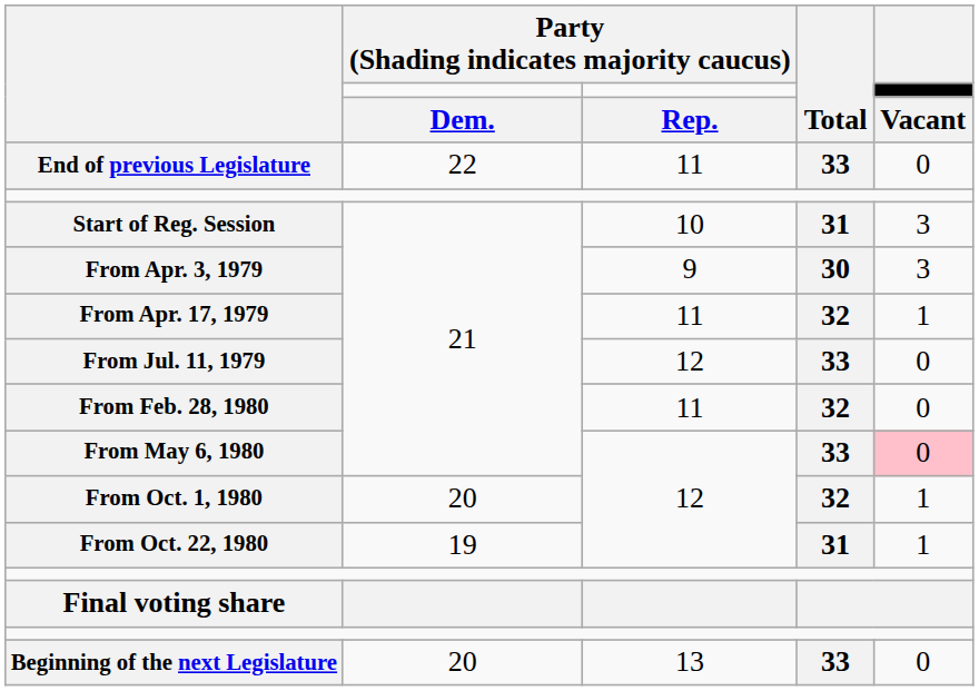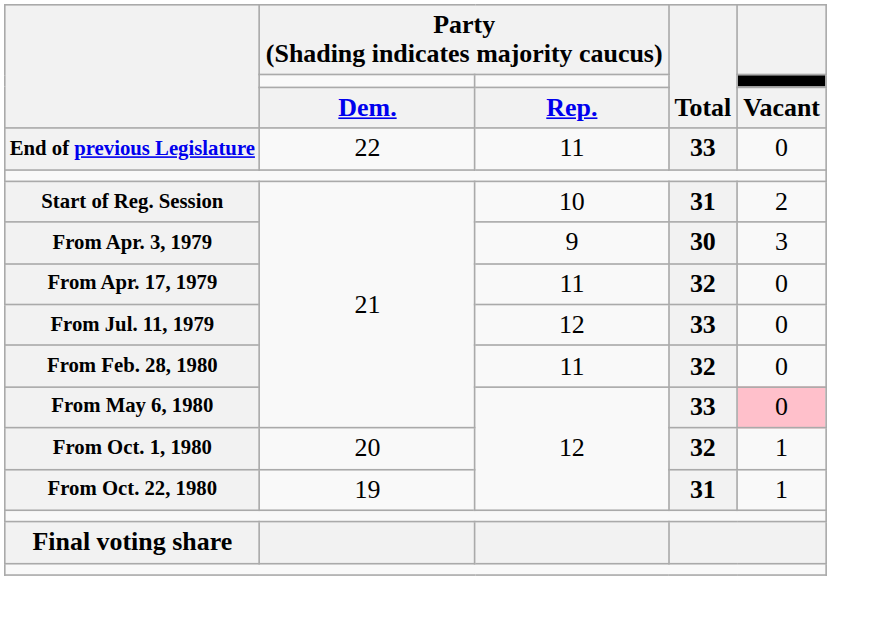 <table class=wikitable style="text-align:center">
 <tr style="vertical-align:bottom;">
 <th rowspan=3></th>
 <th colspan=2>Party <div>(Shading indicates majority caucus)</div></th>
 <th rowspan=3>Total</th>
 <th></th>
 </tr>
 <tr style="height:5px">
 <td style="background-color:"></td>
 <td style="background-color:"></td>
 <td style="background:black;"></td>
 </tr>
 <tr>
 <th><a href='#'>Dem.</a></th>
 <th><a href='#'>Rep.</a></th>
 <th>Vacant</th>
 </tr>
 <tr>
 <th style="font-size:80%;">End of <a href='#'>previous Legislature</a></th>
 <td>22</td>
 <td>11</td>
 <th>33</th>
 <td>0</td>
 </tr>
 <tr>
 <td colspan=5></td>
 </tr>
 <tr>
 <th style="font-size:80%;">Start of Reg. Session</th>
 <td rowspan="6" >21</td>
 <td>10</td>
 <th>31</th>
-<td>3</td>
+<td>2</td>
 </tr>
 <tr>
 <th style="font-size:80%;">From Apr. 3, 1979</th>
 <td>9</td>
 <th>30</th>
 <td>3</td>
 </tr>
 <tr>
 <th style="font-size:80%;">From Apr. 17, 1979</th>
 <td>11</td>
 <th>32</th>
-<td>1</td>
+<td>0</td>
 </tr>
 <tr>
 <th style="font-size:80%;">From Jul. 11, 1979</th>
 <td>12</td>
 <th>33</th>
 <td>0</td>
 </tr>
 <tr>
 <th style="font-size:80%;">From Feb. 28, 1980</th>
 <td>11</td>
 <th>32</th>
 <td>0</td>
 </tr>
 <tr>
 <th style="font-size:80%;">From May 6, 1980</th>
 <td rowspan="3">12</td>
 <th>33</th>
 <td style="background: pink;">0</td>
 </tr>
 <tr>
 <th style="font-size:80%;">From Oct. 1, 1980</th>
 <td>20</td>
 <th>32</th>
 <td>1</td>
 </tr>
 <tr>
 <th style="font-size:80%;">From Oct. 22, 1980</th>
 <td>19</td>
 <th>31</th>
 <td>1</td>
 </tr>
 <tr>
 <td colspan=5></td>
 </tr>
 <tr>
 <th>Final voting share</th>
 <th></th>
 <th></th>
 <th colspan=2></th>
 </tr>
 <tr>
 <td colspan=5></td>
 </tr>
-<tr>
-<th style="font-size:80%;">Beginning of the <a href='#'>next Legislature</a></th>
-<td>20</td>
-<td>13</td>
-<th>33</th>
-<td>0</td>
-</tr>
 </table>
